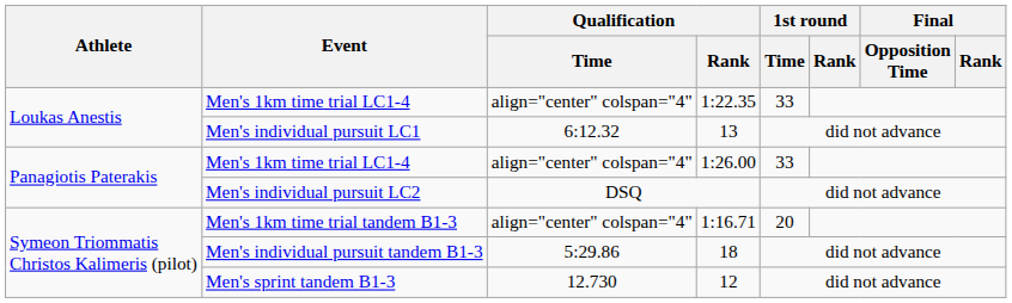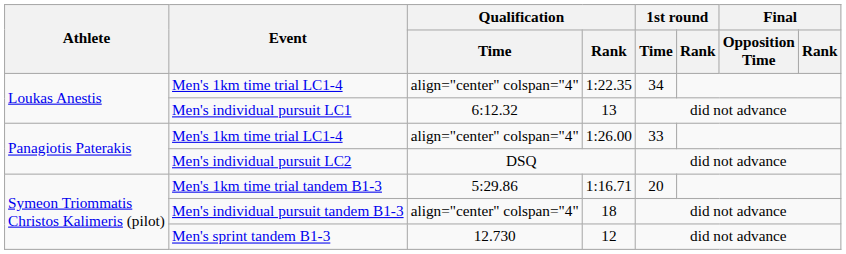 <table class=wikitable style="font-size:90%">
 <tr>
 <th rowspan="2">Athlete</th>
 <th rowspan="2">Event</th>
 <th colspan="2">Qualification</th>
 <th colspan="2">1st round</th>
 <th colspan="2">Final</th>
 </tr>
 <tr>
 <th>Time</th>
 <th>Rank</th>
 <th>Time</th>
 <th>Rank</th>
 <th>Opposition<br>Time</th>
 <th>Rank</th>
 </tr>
 <tr>
 <td rowspan="2"><a href='#'>Loukas Anestis</a></td>
 <td><a href='#'>Men's 1km time trial LC1-4</a></td>
 <td>align="center" colspan="4" </td>
 <td align="center">1:22.35</td>
-<td align="center">33</td>
+<td align="center">34</td>
 </tr>
 <tr>
 <td><a href='#'>Men's individual pursuit LC1</a></td>
 <td align="center">6:12.32</td>
 <td align="center">13</td>
 <td align="center" colspan="4">did not advance</td>
 </tr>
 <tr>
 <td rowspan="2"><a href='#'>Panagiotis Paterakis</a></td>
 <td><a href='#'>Men's 1km time trial LC1-4</a></td>
 <td>align="center" colspan="4" </td>
 <td align="center">1:26.00</td>
 <td align="center">33</td>
 </tr>
 <tr>
 <td><a href='#'>Men's individual pursuit LC2</a></td>
 <td align="center" colspan="2">DSQ</td>
 <td align="center" colspan="4">did not advance</td>
 </tr>
 <tr>
 <td rowspan="3"><a href='#'>Symeon Triommatis</a><br> <a href='#'>Christos Kalimeris</a> (pilot)</td>
 <td><a href='#'>Men's 1km time trial tandem B1-3</a></td>
-<td>align="center" colspan="4" </td>
+<td align="center">5:29.86</td>
 <td align="center">1:16.71</td>
 <td align="center">20</td>
 </tr>
 <tr>
 <td><a href='#'>Men's individual pursuit tandem B1-3</a></td>
-<td align="center">5:29.86</td>
+<td>align="center" colspan="4" </td>
 <td align="center">18</td>
 <td align="center" colspan="4">did not advance</td>
 </tr>
 <tr>
 <td><a href='#'>Men's sprint tandem B1-3</a></td>
 <td align="center">12.730</td>
 <td align="center">12</td>
 <td align="center" colspan="4">did not advance</td>
 </tr>
 </table>
